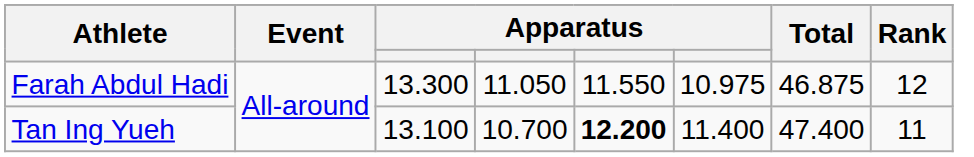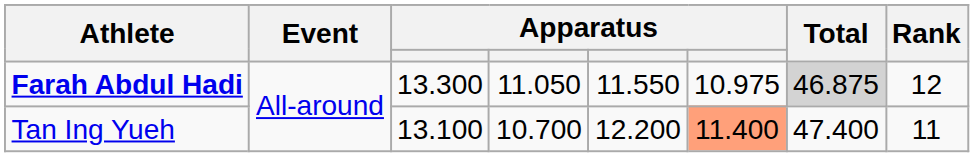 <table class="wikitable" style="font-size:90%">
 <tr>
 <th rowspan=2>Athlete</th>
 <th rowspan=2>Event</th>
 <th colspan=4>Apparatus</th>
 <th rowspan=2>Total</th>
 <th rowspan=2>Rank</th>
 </tr>
 <tr style="font-size:95%">
 <th></th>
 <th></th>
 <th></th>
 <th></th>
 </tr>
 <tr align=center>
-<td align=left><a href='#'>Farah Abdul Hadi</a></td>
+<td align=left><strong><a href='#'>Farah Abdul Hadi</a></strong></td>
 <td align=left rowspan=2><a href='#'>All-around</a></td>
 <td>13.300</td>
 <td>11.050</td>
 <td>11.550</td>
 <td>10.975</td>
-<td>46.875</td>
+<td style="background: lightgrey;">46.875</td>
 <td>12</td>
 </tr>
 <tr align=center>
 <td align=left><a href='#'>Tan Ing Yueh</a></td>
 <td>13.100</td>
 <td>10.700</td>
-<td><strong>12.200</strong></td>
-<td>11.400</td>
+<td>12.200</td>
+<td style="background: lightsalmon;">11.400</td>
 <td>47.400</td>
 <td>11</td>
 </tr>
 </table>
